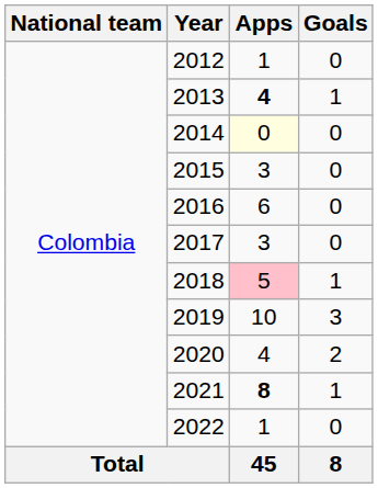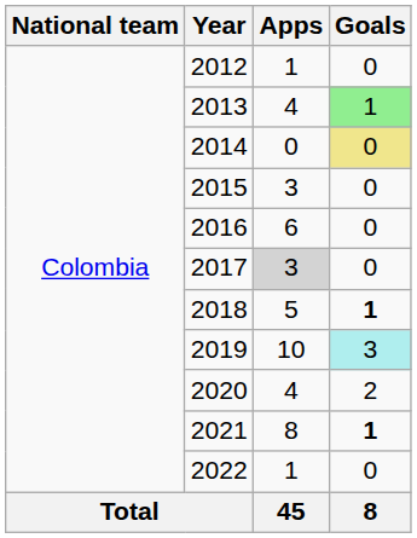 <table class="wikitable" style="text-align:center">
 <tr>
 <th>National team</th>
 <th>Year</th>
 <th>Apps</th>
 <th>Goals</th>
 </tr>
 <tr>
 <td rowspan="11"><a href='#'>Colombia</a></td>
 <td>2012</td>
 <td>1</td>
 <td>0</td>
 </tr>
 <tr>
 <td>2013</td>
-<td><strong>4</strong></td>
-<td>1</td>
+<td>4</td>
+<td style="background: lightgreen;">1</td>
 </tr>
 <tr>
 <td>2014</td>
-<td style="background: lightyellow;">0</td>
 <td>0</td>
+<td style="background: khaki;">0</td>
 </tr>
 <tr>
 <td>2015</td>
 <td>3</td>
 <td>0</td>
 </tr>
 <tr>
 <td>2016</td>
 <td>6</td>
 <td>0</td>
 </tr>
 <tr>
 <td>2017</td>
-<td>3</td>
+<td style="background: lightgrey;">3</td>
 <td>0</td>
 </tr>
 <tr>
 <td>2018</td>
-<td style="background: pink;">5</td>
-<td>1</td>
+<td>5</td>
+<td><strong>1</strong></td>
 </tr>
 <tr>
 <td>2019</td>
 <td>10</td>
-<td>3</td>
+<td style="background: paleturquoise;">3</td>
 </tr>
 <tr>
 <td>2020</td>
 <td>4</td>
 <td>2</td>
 </tr>
 <tr>
 <td>2021</td>
-<td><strong>8</strong></td>
-<td>1</td>
+<td>8</td>
+<td><strong>1</strong></td>
 </tr>
 <tr>
 <td>2022</td>
 <td>1</td>
 <td>0</td>
 </tr>
 <tr>
 <th colspan="2">Total</th>
 <th>45</th>
 <th>8</th>
 </tr>
 </table>
